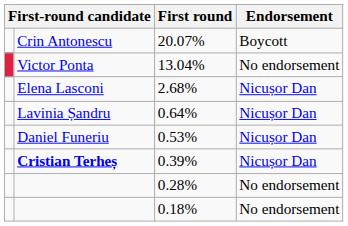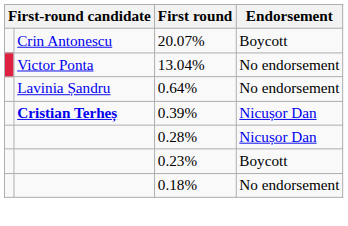 <table class="wikitable nowrap sortable">
 <tr>
 <th colspan="2">First-round candidate</th>
 <th>First round</th>
 <th colspan="1">Endorsement</th>
 </tr>
 <tr>
 <td style="background-color: "></td>
 <td><a href='#'>Crin Antonescu</a></td>
 <td>20.07%</td>
 <td>Boycott</td>
 </tr>
 <tr>
 <td style="background-color: #E02043;"></td>
 <td><a href='#'>Victor Ponta</a></td>
 <td>13.04%</td>
 <td>No endorsement</td>
 </tr>
 <tr>
 <td style="background-color: "></td>
-<td><a href='#'>Elena Lasconi</a></td>
-<td>2.68%</td>
-<td><a href='#'>Nicușor Dan</a></td>
-</tr>
-<tr>
-<td style="background-color: "></td>
 <td><a href='#'>Lavinia Șandru</a></td>
 <td>0.64%</td>
-<td><a href='#'>Nicușor Dan</a></td>
-</tr>
-<tr>
-<td style="background-color: "></td>
-<td><a href='#'>Daniel Funeriu</a></td>
-<td>0.53%</td>
-<td><a href='#'>Nicușor Dan</a></td>
+<td>No endorsement</td>
 </tr>
 <tr>
 <td style="background-color: "></td>
 <td><strong><a href='#'>Cristian Terheș</a></strong></td>
 <td>0.39%</td>
 <td><a href='#'>Nicușor Dan</a></td>
 </tr>
 <tr>
 <td style="background-color: "></td>
 <td></td>
 <td>0.28%</td>
-<td>No endorsement</td>
+<td><a href='#'>Nicușor Dan</a></td>
+</tr>
+<tr>
+<td style="background-color: "></td>
+<td></td>
+<td>0.23%</td>
+<td>Boycott</td>
 </tr>
 <tr>
 <td style="background-color: "></td>
 <td></td>
 <td>0.18%</td>
 <td>No endorsement</td>
 </tr>
 </table>
